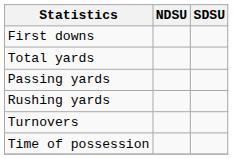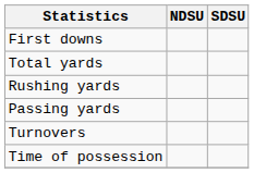 <table class="wikitable" style="float: left;">
 <tr>
 <th>Statistics</th>
 <th>NDSU</th>
 <th>SDSU</th>
 </tr>
 <tr>
 <td>First downs</td>
 <td></td>
 <td></td>
 </tr>
 <tr>
 <td>Total yards</td>
 <td></td>
 <td></td>
 </tr>
 <tr>
-<td>Passing yards</td>
+<td>Rushing yards</td>
 <td></td>
 <td></td>
 </tr>
 <tr>
-<td>Rushing yards</td>
+<td>Passing yards</td>
 <td></td>
 <td></td>
 </tr>
 <tr>
 <td>Turnovers</td>
 <td></td>
 <td></td>
 </tr>
 <tr>
 <td>Time of possession</td>
 <td></td>
 <td></td>
 </tr>
 <tr>
 </tr>
 </table>
